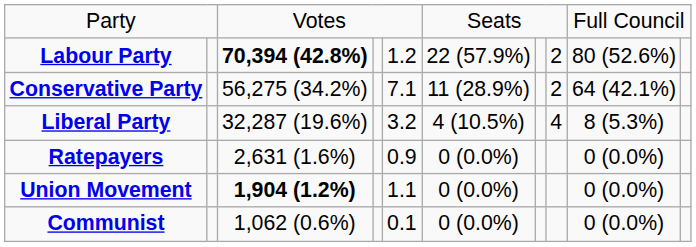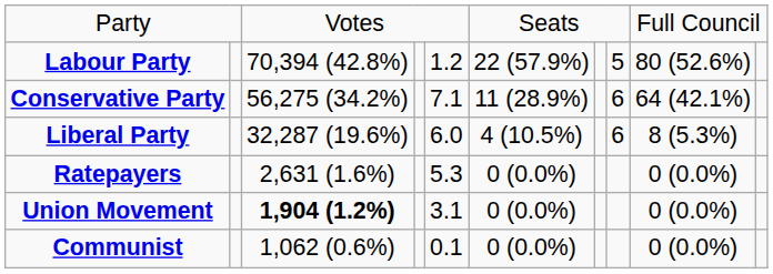 <table class=wikitable style="text-align:center;">
 <tr>
 <td colspan=2>Party</td>
 <td colspan=3>Votes</td>
 <td colspan=3>Seats</td>
 <td colspan=3>Full Council</td>
 </tr>
 <tr>
 <td><strong><a href='#'>Labour Party</a></strong></td>
 <td style="background:"></td>
-<td><strong>70,394 (42.8%)</strong></td>
+<td>70,394 (42.8%)</td>
 <td></td>
 <td> 1.2</td>
 <td>22 (57.9%)</td>
 <td></td>
-<td> 2</td>
+<td> 5</td>
 <td>80 (52.6%)</td>
 <td></td>
 </tr>
 <tr>
 <td><strong><a href='#'>Conservative Party</a></strong></td>
 <td style="background:"></td>
 <td>56,275 (34.2%)</td>
 <td></td>
 <td> 7.1</td>
 <td>11 (28.9%)</td>
 <td></td>
-<td> 2</td>
+<td> 6</td>
 <td>64 (42.1%)</td>
 <td></td>
 </tr>
 <tr>
 <td><strong><a href='#'>Liberal Party</a></strong></td>
 <td style="background:"></td>
 <td>32,287 (19.6%)</td>
 <td></td>
-<td> 3.2</td>
+<td> 6.0</td>
 <td>4 (10.5%)</td>
 <td></td>
-<td> 4</td>
+<td> 6</td>
 <td>8 (5.3%)</td>
 <td></td>
 </tr>
 <tr>
 <td><strong><a href='#'>Ratepayers</a></strong></td>
 <td style="background:"></td>
 <td>2,631 (1.6%)</td>
 <td></td>
-<td> 0.9</td>
+<td> 5.3</td>
 <td>0 (0.0%)</td>
 <td></td>
 <td></td>
 <td>0 (0.0%)</td>
 <td></td>
 </tr>
 <tr>
 <td><strong><a href='#'>Union Movement</a></strong></td>
 <td style="background:"></td>
 <td><strong>1,904 (1.2%)</strong></td>
 <td></td>
-<td> 1.1</td>
+<td> 3.1</td>
 <td>0 (0.0%)</td>
 <td></td>
 <td></td>
 <td>0 (0.0%)</td>
 <td></td>
 </tr>
 <tr>
 <td><strong><a href='#'>Communist</a></strong></td>
 <td style="background:"></td>
 <td>1,062 (0.6%)</td>
 <td></td>
 <td> 0.1</td>
 <td>0 (0.0%)</td>
 <td></td>
 <td></td>
 <td>0 (0.0%)</td>
 <td></td>
 </tr>
 </table>
